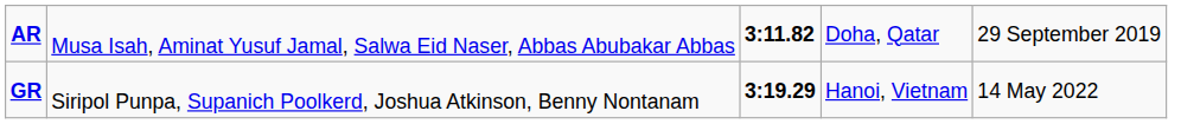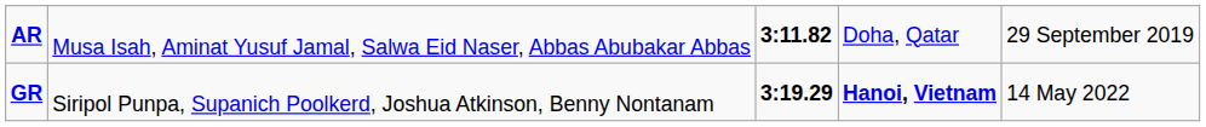 <table class="wikitable" style="font-size:95%; position:relative;">
 <tr>
 <td align=center><strong><a href='#'>AR</a></strong></td>
 <td><br><a href='#'>Musa Isah</a>, <a href='#'>Aminat Yusuf Jamal</a>, <a href='#'>Salwa Eid Naser</a>, <a href='#'>Abbas Abubakar Abbas</a></td>
 <td><strong>3:11.82</strong></td>
 <td><a href='#'>Doha</a>, <a href='#'>Qatar</a></td>
 <td>29 September 2019</td>
 </tr>
 <tr>
 <td align=center><strong><a href='#'>GR</a></strong></td>
 <td><br>	Siripol Punpa, <a href='#'>Supanich Poolkerd</a>, Joshua Atkinson, Benny Nontanam</td>
 <td><strong>3:19.29</strong></td>
-<td><a href='#'>Hanoi</a>, <a href='#'>Vietnam</a></td>
+<td><strong><a href='#'>Hanoi</a>, <a href='#'>Vietnam</a></strong></td>
 <td>14 May 2022</td>
 </tr>
 </table>
